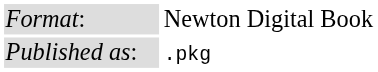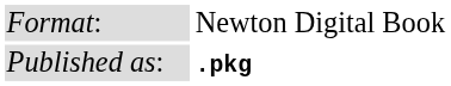 <table style="text-align:left;">
 <tr>
 <td style="background:#ddd; width:100px;"><em>Format</em>:</td>
 <td>Newton Digital Book</td>
 </tr>
 <tr>
 <td style="background:#ddd;"><em>Published as</em>:</td>
-<td><code>.pkg</code></td>
+<td><strong><code>.pkg</code></strong></td>
 </tr>
 </table>
